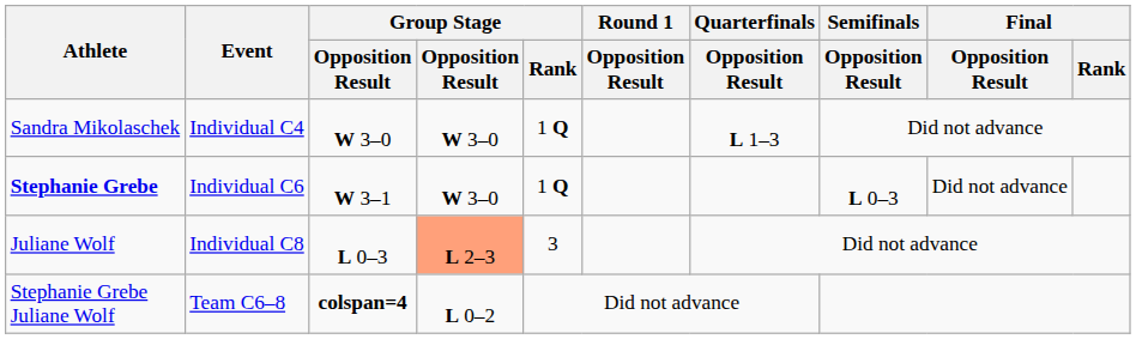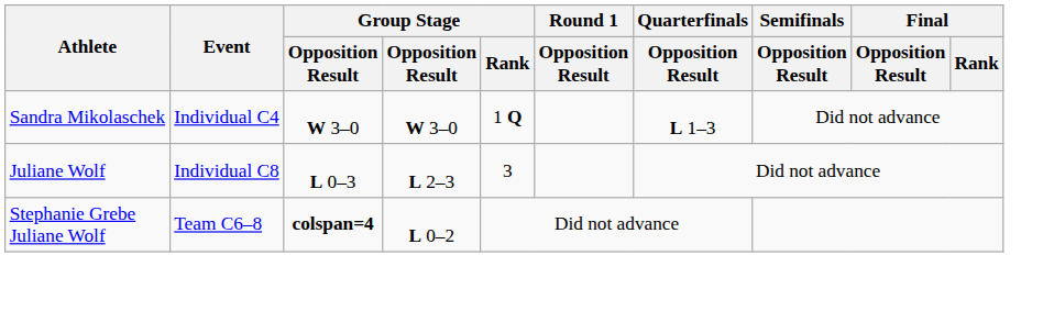 <table class=wikitable style="font-size:90%">
 <tr>
 <th rowspan="2">Athlete</th>
 <th rowspan="2">Event</th>
 <th colspan="3">Group Stage</th>
 <th>Round 1</th>
 <th>Quarterfinals</th>
 <th>Semifinals</th>
 <th colspan="2">Final</th>
 </tr>
 <tr>
 <th>Opposition<br>Result</th>
 <th>Opposition<br>Result</th>
 <th>Rank</th>
 <th>Opposition<br>Result</th>
 <th>Opposition<br>Result</th>
 <th>Opposition<br>Result</th>
 <th>Opposition<br>Result</th>
 <th>Rank</th>
 </tr>
 <tr align=center>
 <td align=left><a href='#'>Sandra Mikolaschek</a></td>
 <td align=left><a href='#'>Individual C4</a></td>
 <td><br><strong>W</strong> 3–0</td>
 <td><br><strong>W</strong> 3–0</td>
 <td>1 <strong>Q</strong></td>
 <td></td>
 <td><br><strong>L</strong> 1–3</td>
 <td colspan=3>Did not advance</td>
 </tr>
 <tr align=center>
-<td align=left><strong><a href='#'>Stephanie Grebe</a></strong></td>
-<td align=left><a href='#'>Individual C6</a></td>
-<td><br><strong>W</strong> 3–1</td>
-<td><br><strong>W</strong> 3–0</td>
-<td>1 <strong>Q</strong></td>
-<td></td>
-<td></td>
-<td><br><strong>L</strong> 0–3</td>
-<td>Did not advance</td>
-<td></td>
-</tr>
-<tr align=center>
 <td align=left><a href='#'>Juliane Wolf</a></td>
 <td align=left><a href='#'>Individual C8</a></td>
 <td><br><strong>L</strong> 0–3</td>
-<td style="background: lightsalmon;"><br><strong>L</strong> 2–3</td>
+<td><br><strong>L</strong> 2–3</td>
 <td>3</td>
 <td></td>
 <td colspan=4>Did not advance</td>
 </tr>
 <tr align=center>
 <td align=left><a href='#'>Stephanie Grebe</a><br><a href='#'>Juliane Wolf</a></td>
 <td align=left><a href='#'>Team C6–8</a></td>
 <td><strong>colspan=4</strong></td>
 <td><br><strong>L</strong> 0–2</td>
 <td colspan=3>Did not advance</td>
 </tr>
 </table>
